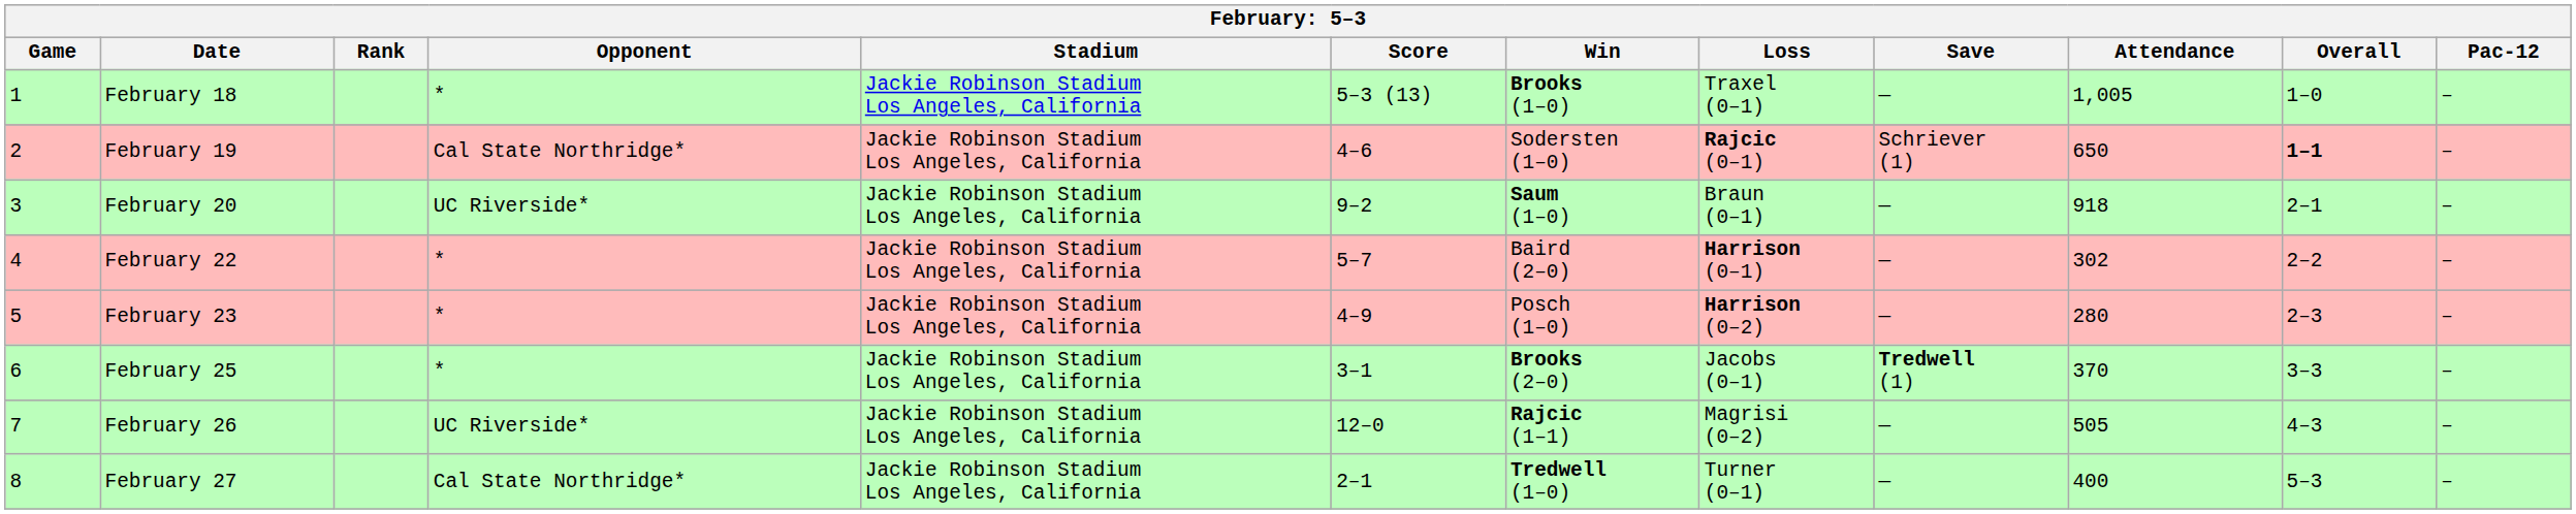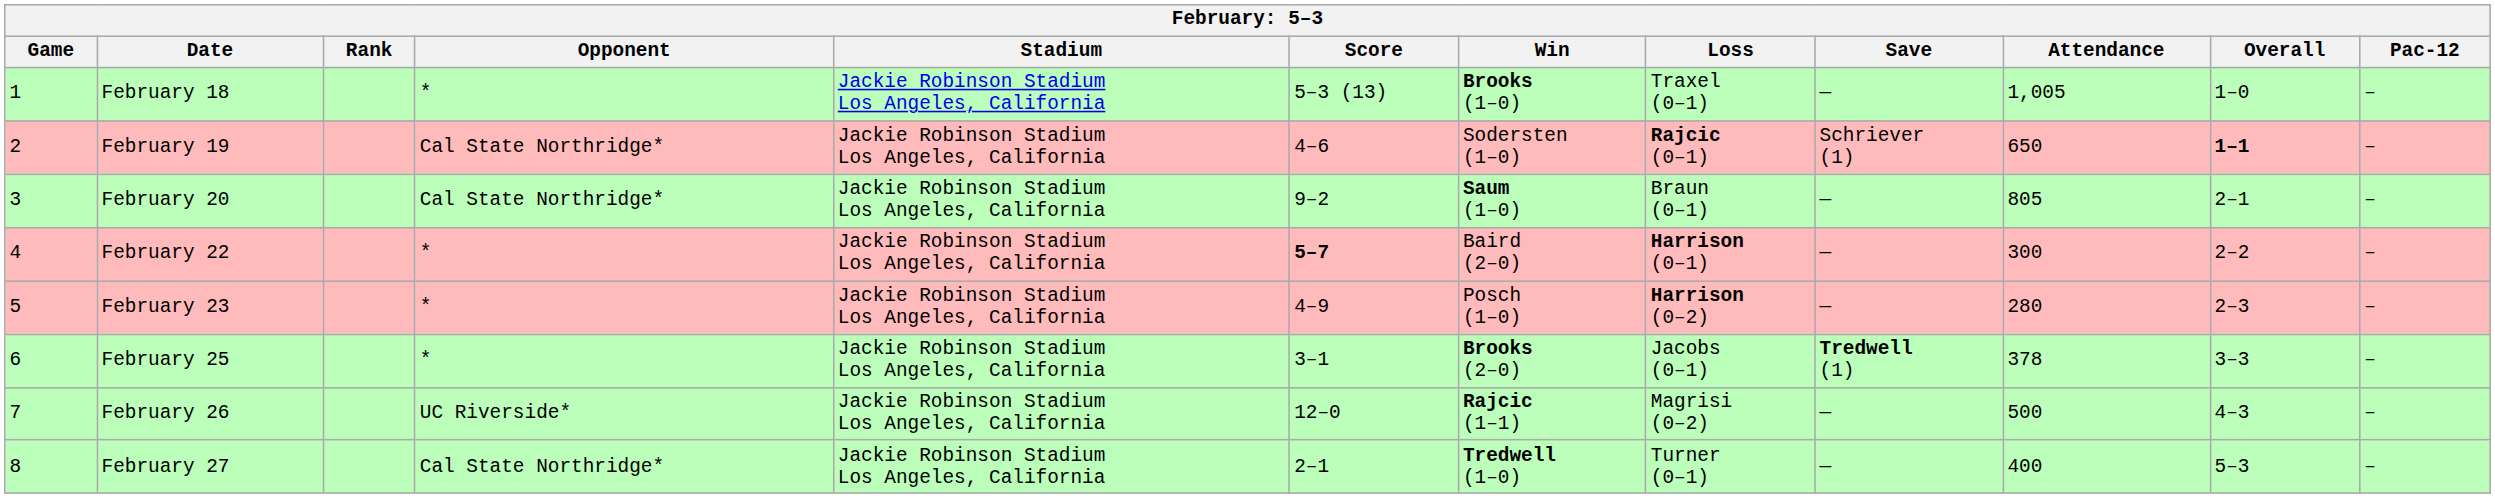 <table class="wikitable collapsible collapsed" style="margin:auto; font-size:95%; width:100%">
 <tr>
 <th colspan=12>February: 5–3</th>
 </tr>
 <tr>
 <th>Game</th>
 <th>Date</th>
 <th>Rank</th>
 <th>Opponent</th>
 <th>Stadium</th>
 <th>Score</th>
 <th>Win</th>
 <th>Loss</th>
 <th>Save</th>
 <th>Attendance</th>
 <th>Overall</th>
 <th>Pac-12</th>
 </tr>
 <tr style="background:#bfb;">
 <td>1</td>
 <td>February 18</td>
 <td></td>
 <td>*</td>
 <td><a href='#'>Jackie Robinson Stadium</a><br><a href='#'>Los Angeles, California</a></td>
 <td>5–3 (13)</td>
 <td><strong>Brooks</strong><br>(1–0)</td>
 <td>Traxel<br>(0–1)</td>
 <td>—</td>
 <td>1,005</td>
 <td>1–0</td>
 <td>–</td>
 </tr>
 <tr style="background:#fbb;">
 <td>2</td>
 <td>February 19</td>
 <td></td>
 <td>Cal State Northridge*</td>
 <td>Jackie Robinson Stadium<br>Los Angeles, California</td>
 <td>4–6</td>
 <td>Sodersten<br>(1–0)</td>
 <td><strong>Rajcic</strong><br>(0–1)</td>
 <td>Schriever<br>(1)</td>
 <td>650</td>
 <td><strong>1–1</strong></td>
 <td>–</td>
 </tr>
 <tr style="background:#bfb;">
 <td>3</td>
 <td>February 20</td>
 <td></td>
-<td>UC Riverside*</td>
+<td>Cal State Northridge*</td>
 <td>Jackie Robinson Stadium<br>Los Angeles, California</td>
 <td>9–2</td>
 <td><strong>Saum</strong><br>(1–0)</td>
 <td>Braun<br>(0–1)</td>
 <td>—</td>
-<td>918</td>
+<td>805</td>
 <td>2–1</td>
 <td>–</td>
 </tr>
 <tr style="background:#fbb;">
 <td>4</td>
 <td>February 22</td>
 <td></td>
 <td>*</td>
 <td>Jackie Robinson Stadium<br>Los Angeles, California</td>
-<td>5–7</td>
+<td><strong>5–7</strong></td>
 <td>Baird<br>(2–0)</td>
 <td><strong>Harrison</strong><br>(0–1)</td>
 <td>—</td>
-<td>302</td>
+<td>300</td>
 <td>2–2</td>
 <td>–</td>
 </tr>
 <tr style="background:#fbb;">
 <td>5</td>
 <td>February 23</td>
 <td></td>
 <td>*</td>
 <td>Jackie Robinson Stadium<br>Los Angeles, California</td>
 <td>4–9</td>
 <td>Posch<br>(1–0)</td>
 <td><strong>Harrison</strong><br>(0–2)</td>
 <td>—</td>
 <td>280</td>
 <td>2–3</td>
 <td>–</td>
 </tr>
 <tr style="background:#bfb;">
 <td>6</td>
 <td>February 25</td>
 <td></td>
 <td>*</td>
 <td>Jackie Robinson Stadium<br>Los Angeles, California</td>
 <td>3–1</td>
 <td><strong>Brooks</strong><br>(2–0)</td>
 <td>Jacobs<br>(0–1)</td>
 <td><strong>Tredwell</strong><br>(1)</td>
-<td>370</td>
+<td>378</td>
 <td>3–3</td>
 <td>–</td>
 </tr>
 <tr style="background:#bfb;">
 <td>7</td>
 <td>February 26</td>
 <td></td>
 <td>UC Riverside*</td>
 <td>Jackie Robinson Stadium<br>Los Angeles, California</td>
 <td>12–0</td>
 <td><strong>Rajcic</strong><br>(1–1)</td>
 <td>Magrisi<br>(0–2)</td>
 <td>—</td>
-<td>505</td>
+<td>500</td>
 <td>4–3</td>
 <td>–</td>
 </tr>
 <tr style="background:#bfb;">
 <td>8</td>
 <td>February 27</td>
 <td></td>
 <td>Cal State Northridge*</td>
 <td>Jackie Robinson Stadium<br>Los Angeles, California</td>
 <td>2–1</td>
 <td><strong>Tredwell</strong><br>(1–0)</td>
 <td>Turner<br>(0–1)</td>
 <td>—</td>
 <td>400</td>
 <td>5–3</td>
 <td>–</td>
 </tr>
 </table>
